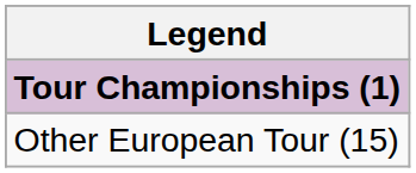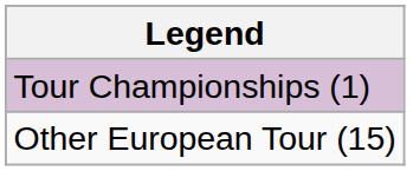 <table class="wikitable" style="font-size:95%;">
 <tr>
 <th>Legend</th>
 </tr>
 <tr style="background:thistle">
-<td><strong>Tour Championships (1)</strong></td>
+<td>Tour Championships (1)</td>
 </tr>
 <tr>
 <td>Other European Tour (15)</td>
 </tr>
 </table>
